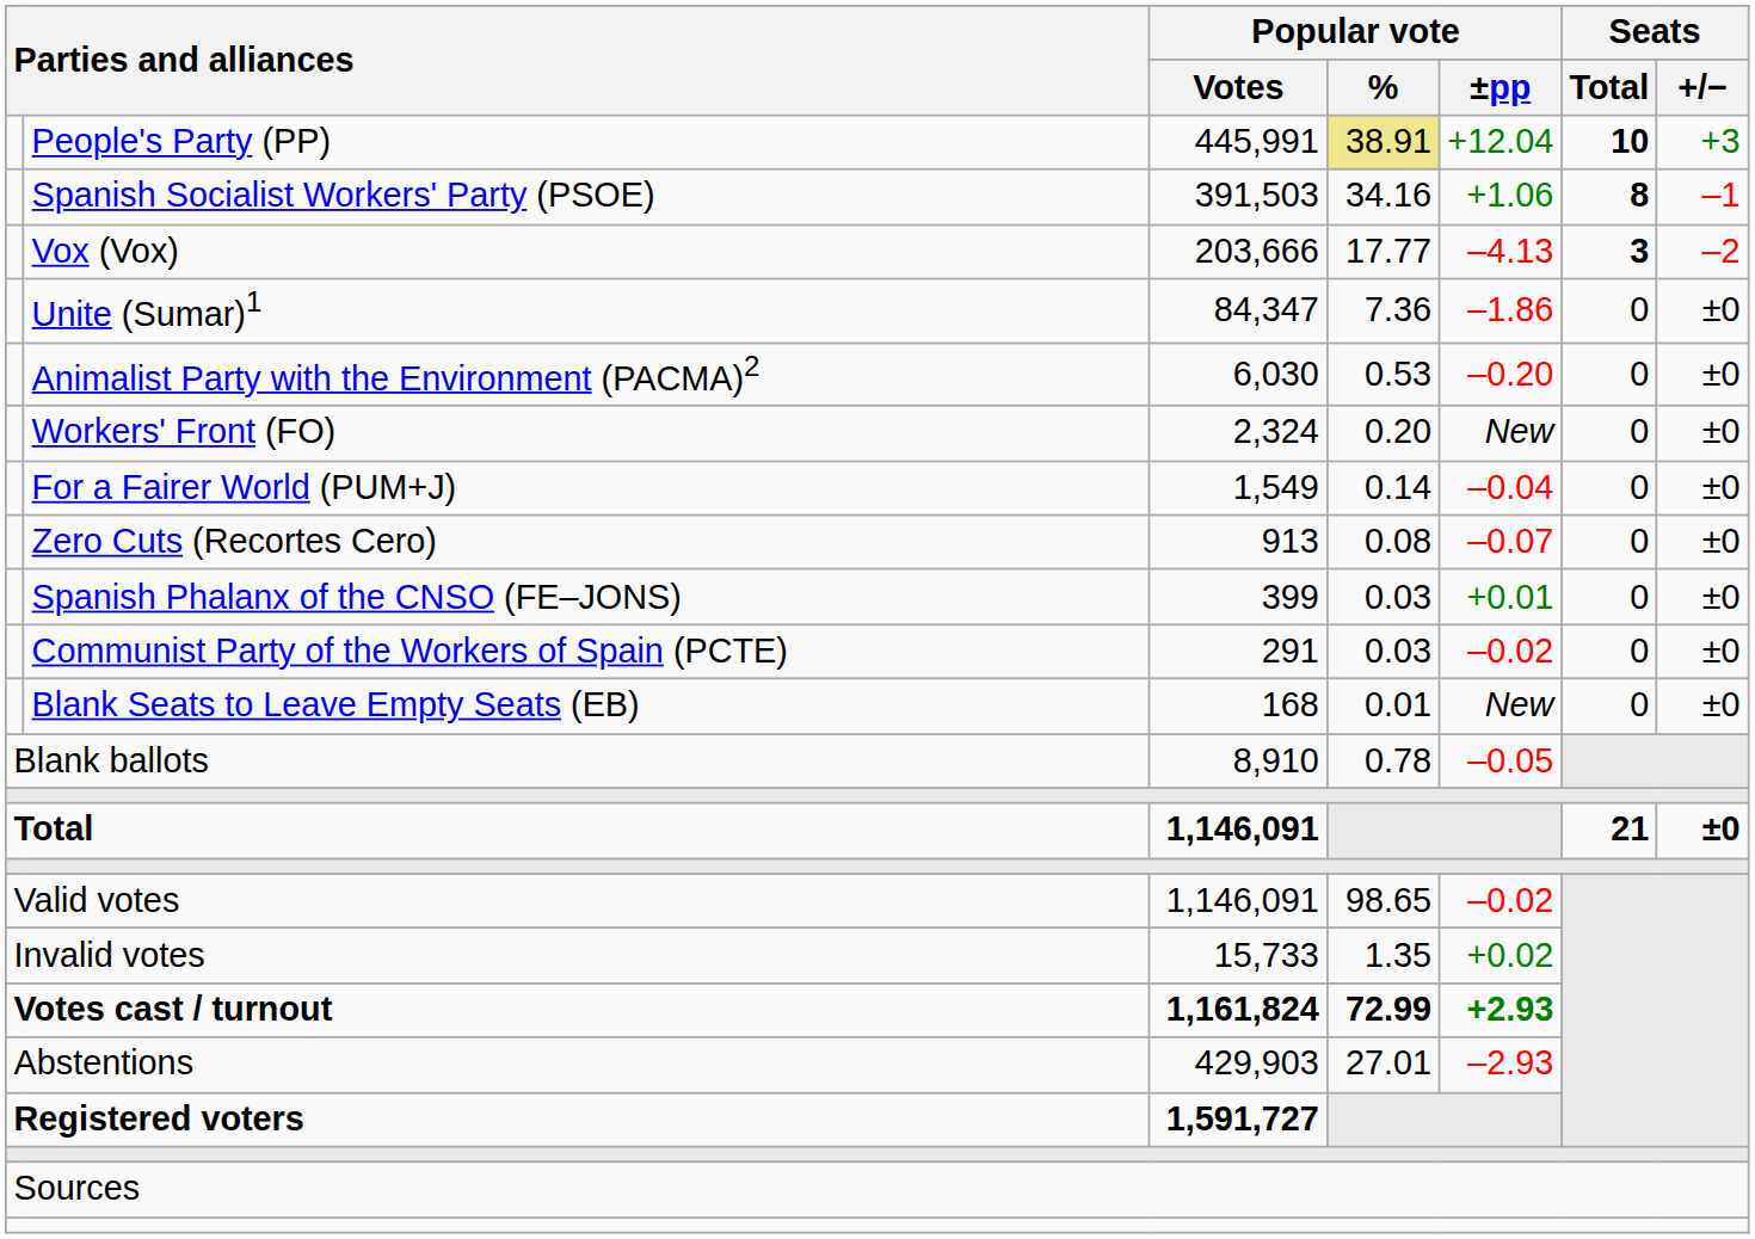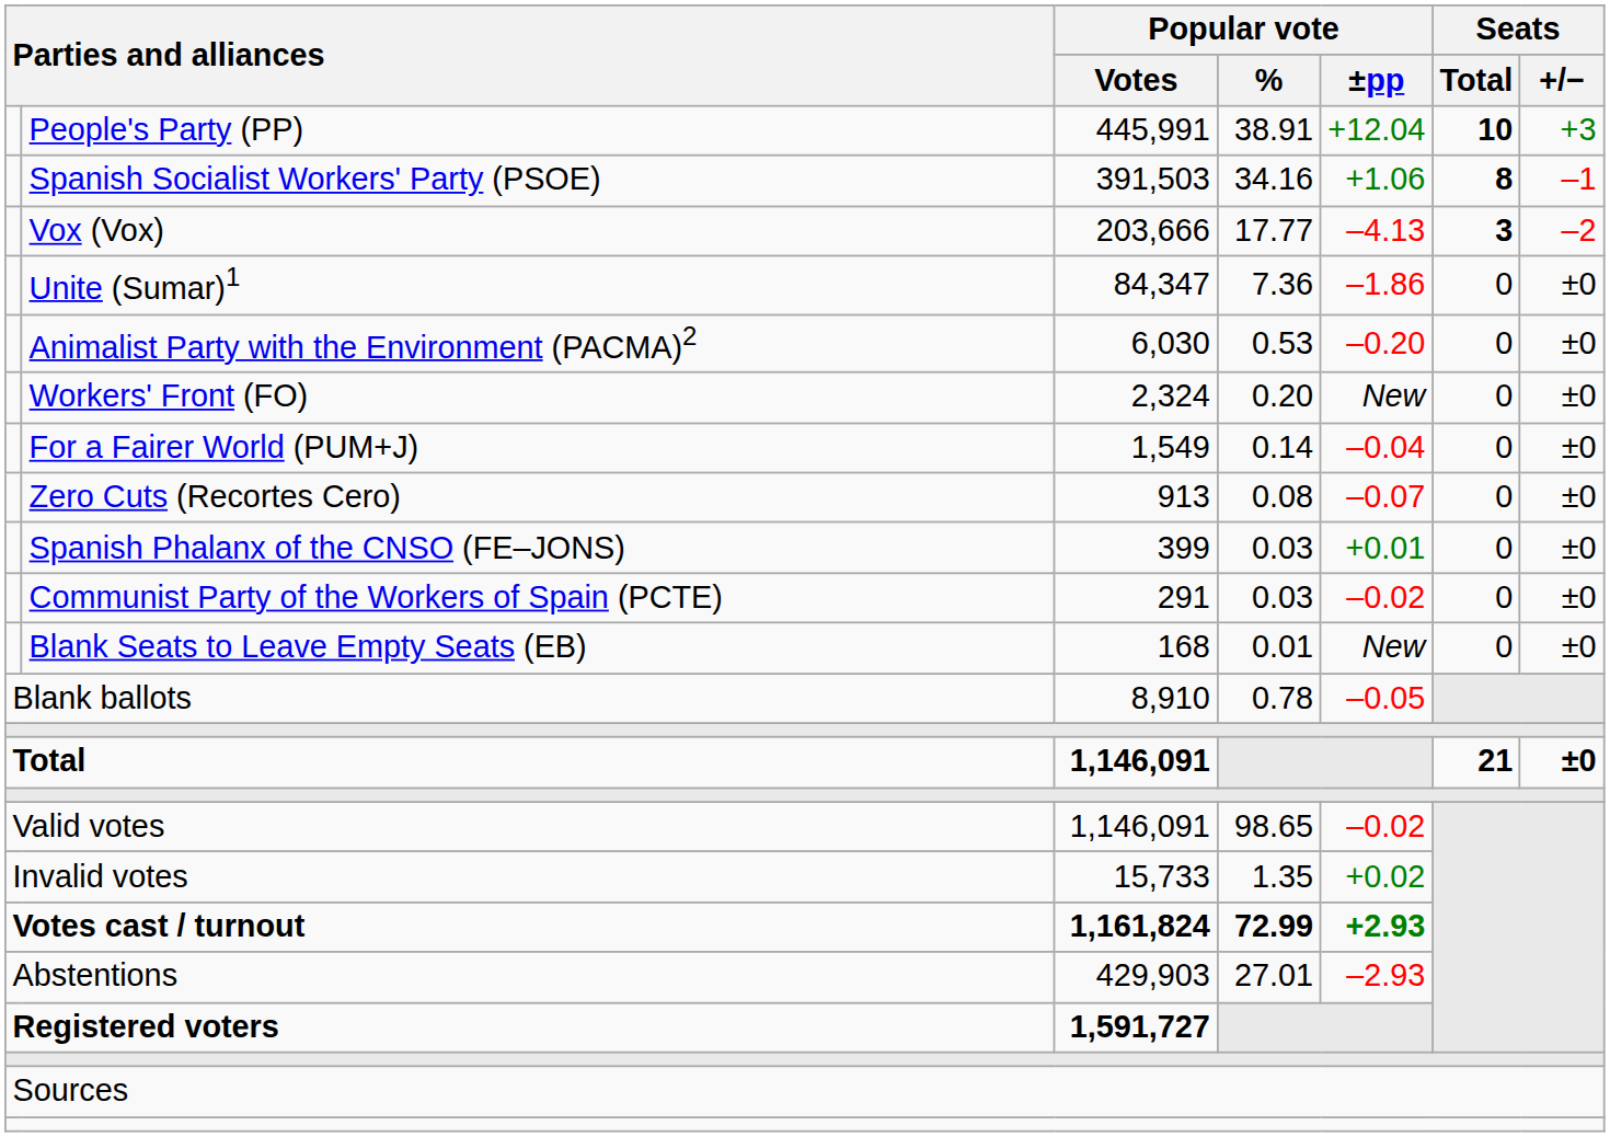 <table class="wikitable" style="text-align:right;">
 <tr>
 <th style="text-align:left;" rowspan="2" colspan="2" width="525">Parties and alliances</th>
 <th colspan="3">Popular vote</th>
 <th colspan="2">Seats</th>
 </tr>
 <tr>
 <th width="75">Votes</th>
 <th width="45">%</th>
 <th width="45">±<a href='#'>pp</a></th>
 <th width="35">Total</th>
 <th width="35">+/−</th>
 </tr>
 <tr>
 <td width="1" style="color:inherit;background:"></td>
 <td align="left"><a href='#'>People's Party</a> (PP)</td>
 <td>445,991</td>
-<td style="background: khaki;">38.91</td>
+<td>38.91</td>
 <td style="color:green;">+12.04</td>
 <td><strong>10</strong></td>
 <td style="color:green;">+3</td>
 </tr>
 <tr>
 <td style="color:inherit;background:"></td>
 <td align="left"><a href='#'>Spanish Socialist Workers' Party</a> (PSOE)</td>
 <td>391,503</td>
 <td>34.16</td>
 <td style="color:green;">+1.06</td>
 <td><strong>8</strong></td>
 <td style="color:red;">–1</td>
 </tr>
 <tr>
 <td style="color:inherit;background:"></td>
 <td align="left"><a href='#'>Vox</a> (Vox)</td>
 <td>203,666</td>
 <td>17.77</td>
 <td style="color:red;">–4.13</td>
 <td><strong>3</strong></td>
 <td style="color:red;">–2</td>
 </tr>
 <tr>
 <td style="color:inherit;background:"></td>
 <td align="left"><a href='#'>Unite</a> (Sumar)<sup>1</sup></td>
 <td>84,347</td>
 <td>7.36</td>
 <td style="color:red;">–1.86</td>
 <td>0</td>
 <td>±0</td>
 </tr>
 <tr>
 <td style="color:inherit;background:"></td>
 <td align="left"><a href='#'>Animalist Party with the Environment</a> (PACMA)<sup>2</sup></td>
 <td>6,030</td>
 <td>0.53</td>
 <td style="color:red;">–0.20</td>
 <td>0</td>
 <td>±0</td>
 </tr>
 <tr>
 <td style="color:inherit;background:"></td>
 <td align="left"><a href='#'>Workers' Front</a> (FO)</td>
 <td>2,324</td>
 <td>0.20</td>
 <td><em>New</em></td>
 <td>0</td>
 <td>±0</td>
 </tr>
 <tr>
 <td style="color:inherit;background:"></td>
 <td align="left"><a href='#'>For a Fairer World</a> (PUM+J)</td>
 <td>1,549</td>
 <td>0.14</td>
 <td style="color:red;">–0.04</td>
 <td>0</td>
 <td>±0</td>
 </tr>
 <tr>
 <td style="color:inherit;background:"></td>
 <td align="left"><a href='#'>Zero Cuts</a> (Recortes Cero)</td>
 <td>913</td>
 <td>0.08</td>
 <td style="color:red;">–0.07</td>
 <td>0</td>
 <td>±0</td>
 </tr>
 <tr>
 <td style="color:inherit;background:"></td>
 <td align="left"><a href='#'>Spanish Phalanx of the CNSO</a> (FE–JONS)</td>
 <td>399</td>
 <td>0.03</td>
 <td style="color:green;">+0.01</td>
 <td>0</td>
 <td>±0</td>
 </tr>
 <tr>
 <td style="color:inherit;background:"></td>
 <td align="left"><a href='#'>Communist Party of the Workers of Spain</a> (PCTE)</td>
 <td>291</td>
 <td>0.03</td>
 <td style="color:red;">–0.02</td>
 <td>0</td>
 <td>±0</td>
 </tr>
 <tr>
 <td style="color:inherit;background:"></td>
 <td align="left"><a href='#'>Blank Seats to Leave Empty Seats</a> (EB)</td>
 <td>168</td>
 <td>0.01</td>
 <td><em>New</em></td>
 <td>0</td>
 <td>±0</td>
 </tr>
 <tr>
 <td align="left" colspan="2">Blank ballots</td>
 <td>8,910</td>
 <td>0.78</td>
 <td style="color:red;">–0.05</td>
 <td bgcolor="#E9E9E9" colspan="2"></td>
 </tr>
 <tr>
 <td colspan="7" bgcolor="#E9E9E9"></td>
 </tr>
 <tr style="font-weight:bold;">
 <td align="left" colspan="2">Total</td>
 <td>1,146,091</td>
 <td bgcolor="#E9E9E9" colspan="2"></td>
 <td>21</td>
 <td>±0</td>
 </tr>
 <tr>
 <td colspan="7" bgcolor="#E9E9E9"></td>
 </tr>
 <tr>
 <td align="left" colspan="2">Valid votes</td>
 <td>1,146,091</td>
 <td>98.65</td>
 <td style="color:red;">–0.02</td>
 <td bgcolor="#E9E9E9" colspan="2" rowspan="5"></td>
 </tr>
 <tr>
 <td align="left" colspan="2">Invalid votes</td>
 <td>15,733</td>
 <td>1.35</td>
 <td style="color:green;">+0.02</td>
 </tr>
 <tr style="font-weight:bold;">
 <td align="left" colspan="2">Votes cast / turnout</td>
 <td>1,161,824</td>
 <td>72.99</td>
 <td style="color:green;">+2.93</td>
 </tr>
 <tr>
 <td align="left" colspan="2">Abstentions</td>
 <td>429,903</td>
 <td>27.01</td>
 <td style="color:red;">–2.93</td>
 </tr>
 <tr style="font-weight:bold;">
 <td align="left" colspan="2">Registered voters</td>
 <td>1,591,727</td>
 <td bgcolor="#E9E9E9" colspan="2"></td>
 </tr>
 <tr>
 <td colspan="7" bgcolor="#E9E9E9"></td>
 </tr>
 <tr>
 <td align="left" colspan="7">Sources</td>
 </tr>
 <tr>
 <td colspan="7" style="text-align:left; max-width:790px;"></td>
 </tr>
 </table>
